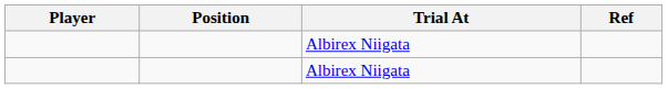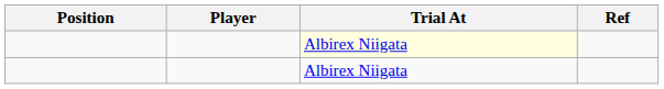 <table class="wikitable sortable" style="width:50%; text-align:center; font-size:100%; text-align:left;">
 <tr>
+<th>Position</th>
 <th>Player</th>
-<th>Position</th>
 <th>Trial At</th>
 <th>Ref</th>
 </tr>
 <tr>
 <td></td>
 <td></td>
-<td> <a href='#'>Albirex Niigata</a></td>
+<td style="background: lightyellow;"> <a href='#'>Albirex Niigata</a></td>
 <td></td>
 </tr>
 <tr>
 <td></td>
 <td></td>
 <td> <a href='#'>Albirex Niigata</a></td>
 <td></td>
 </tr>
 </table>
